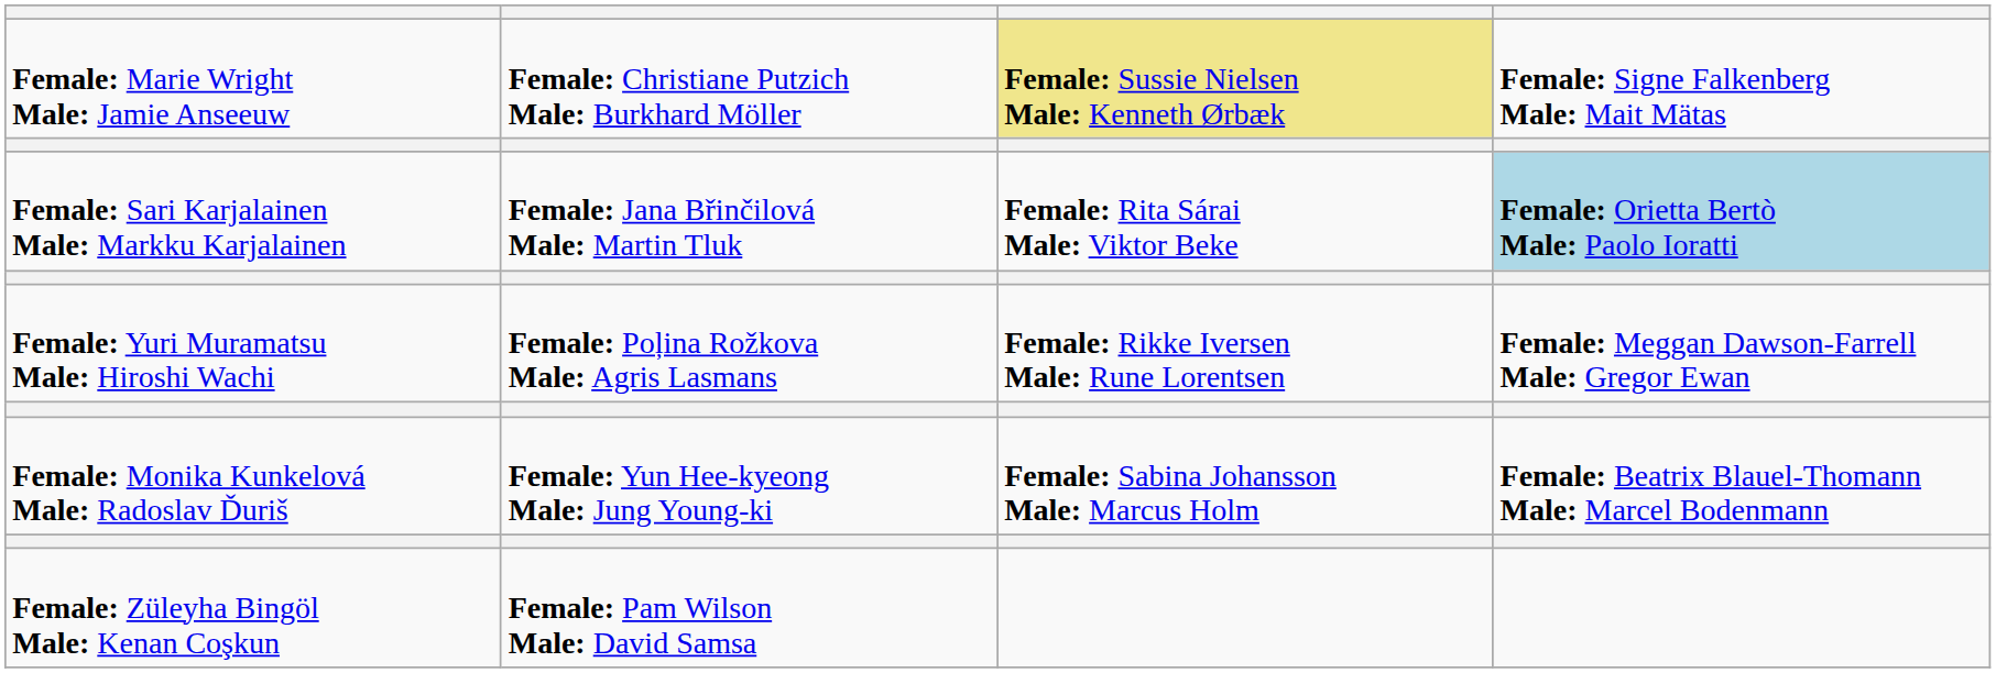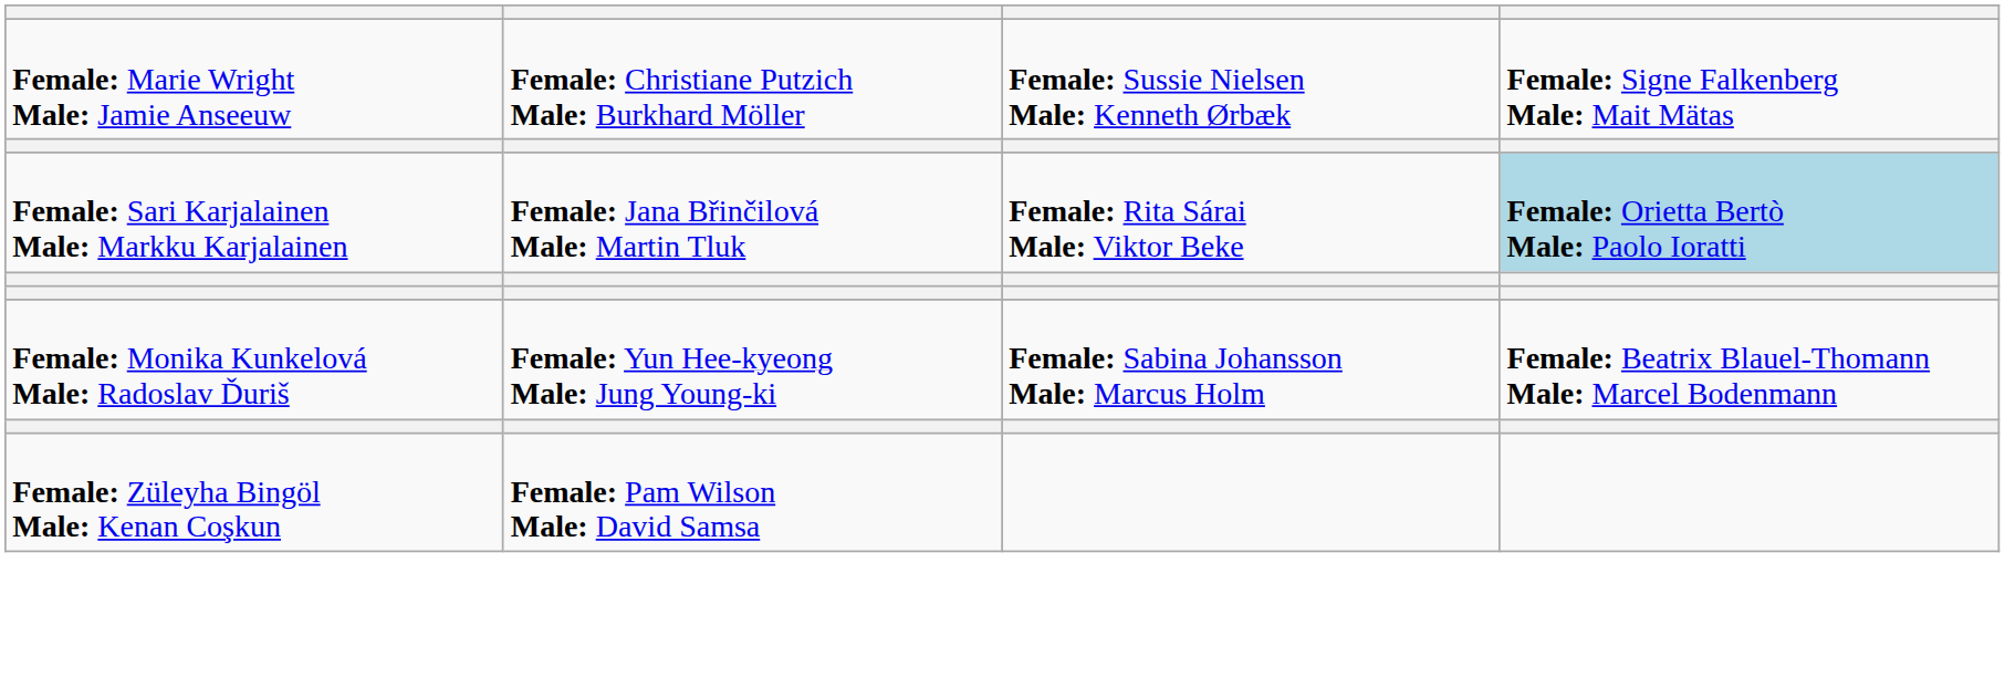 <table class=wikitable>
 <tr>
 <th width=250></th>
 <th width=250></th>
 <th width=250></th>
 <th width=250></th>
 </tr>
 <tr>
 <td><br><strong>Female:</strong> <a href='#'>Marie Wright</a><br> <strong>Male:</strong> <a href='#'>Jamie Anseeuw</a></td>
 <td><br><strong>Female:</strong> <a href='#'>Christiane Putzich</a><br> <strong>Male:</strong> <a href='#'>Burkhard Möller</a></td>
-<td style="background: khaki;"><br><strong>Female:</strong> <a href='#'>Sussie Nielsen</a><br> <strong>Male:</strong> <a href='#'>Kenneth Ørbæk</a></td>
+<td><br><strong>Female:</strong> <a href='#'>Sussie Nielsen</a><br> <strong>Male:</strong> <a href='#'>Kenneth Ørbæk</a></td>
 <td><br><strong>Female:</strong> <a href='#'>Signe Falkenberg</a><br> <strong>Male:</strong> <a href='#'>Mait Mätas</a></td>
 </tr>
 <tr>
 <th width=250></th>
 <th width=250></th>
 <th width=250></th>
 <th width=250></th>
 </tr>
 <tr>
 <td><br><strong>Female:</strong> <a href='#'>Sari Karjalainen</a><br> <strong>Male:</strong> <a href='#'>Markku Karjalainen</a></td>
 <td><br><strong>Female:</strong> <a href='#'>Jana Břinčilová</a><br> <strong>Male:</strong> <a href='#'>Martin Tluk</a></td>
 <td><br><strong>Female:</strong> <a href='#'>Rita Sárai</a><br> <strong>Male:</strong> <a href='#'>Viktor Beke</a></td>
 <td style="background: lightblue;"><br><strong>Female:</strong> <a href='#'>Orietta Bertò</a><br> <strong>Male:</strong> <a href='#'>Paolo Ioratti</a></td>
 </tr>
 <tr>
 <th width=250></th>
 <th width=250></th>
 <th width=250></th>
 <th width=250></th>
-</tr>
-<tr>
-<td><br><strong>Female:</strong> <a href='#'>Yuri Muramatsu</a><br> <strong>Male:</strong> <a href='#'>Hiroshi Wachi</a></td>
-<td><br><strong>Female:</strong> <a href='#'>Poļina Rožkova</a><br> <strong>Male:</strong> <a href='#'>Agris Lasmans</a></td>
-<td><br><strong>Female:</strong> <a href='#'>Rikke Iversen</a><br> <strong>Male:</strong> <a href='#'>Rune Lorentsen</a></td>
-<td><br><strong>Female:</strong> <a href='#'>Meggan Dawson-Farrell</a><br> <strong>Male:</strong> <a href='#'>Gregor Ewan</a></td>
 </tr>
 <tr>
 <th width=250></th>
 <th width=250></th>
 <th width=250></th>
 <th width=250></th>
 </tr>
 <tr>
 <td><br><strong>Female:</strong> <a href='#'>Monika Kunkelová</a><br> <strong>Male:</strong> <a href='#'>Radoslav Ďuriš</a></td>
 <td><br><strong>Female:</strong> <a href='#'>Yun Hee-kyeong</a><br> <strong>Male:</strong> <a href='#'>Jung Young-ki</a></td>
 <td><br><strong>Female:</strong> <a href='#'>Sabina Johansson</a><br> <strong>Male:</strong> <a href='#'>Marcus Holm</a></td>
 <td><br><strong>Female:</strong> <a href='#'>Beatrix Blauel-Thomann</a><br> <strong>Male:</strong> <a href='#'>Marcel Bodenmann</a></td>
 </tr>
 <tr>
 <th width=250></th>
 <th width=250></th>
 <th width=250></th>
 <th width=250></th>
 </tr>
 <tr>
 <td><br><strong>Female:</strong> <a href='#'>Züleyha Bingöl</a><br> <strong>Male:</strong> <a href='#'>Kenan Coşkun</a></td>
 <td><br><strong>Female:</strong> <a href='#'>Pam Wilson</a><br> <strong>Male:</strong> <a href='#'>David Samsa</a></td>
 <td></td>
 <td></td>
 </tr>
 </table>
